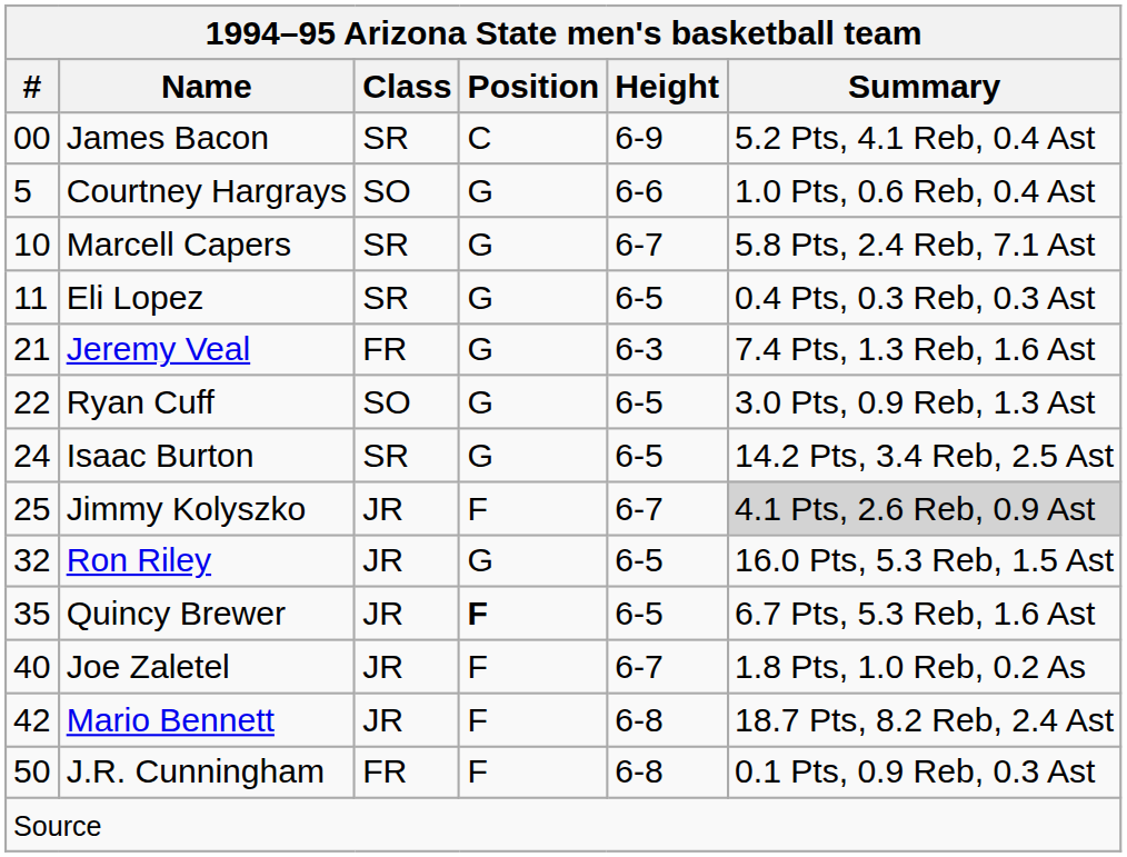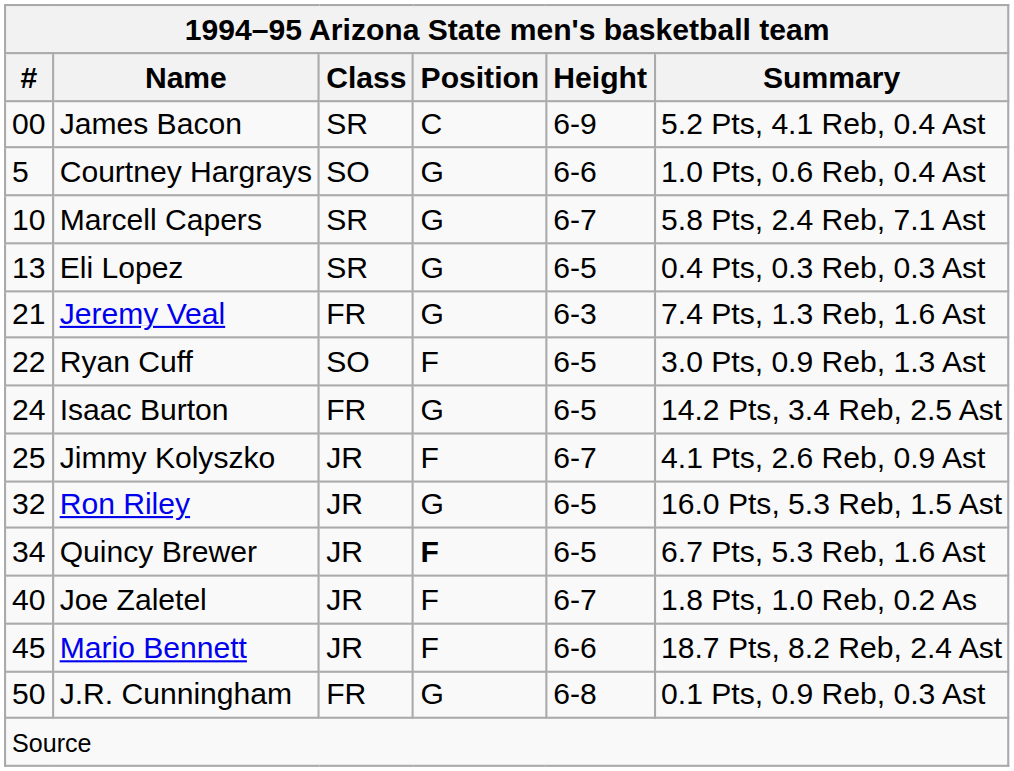 <table class="wikitable" style="font-size: 90%"|->
 <tr>
 <th colspan=9 style="background:#">1994–95 Arizona State men's basketball team</th>
 </tr>
 <tr>
 <th>#</th>
 <th>Name</th>
 <th>Class</th>
 <th>Position</th>
 <th>Height</th>
 <th>Summary</th>
 </tr>
 <tr>
 <td>00</td>
 <td>James Bacon</td>
 <td>SR</td>
 <td>C</td>
 <td>6-9</td>
 <td>5.2 Pts, 4.1 Reb, 0.4 Ast</td>
 </tr>
 <tr>
 <td>5</td>
 <td>Courtney Hargrays</td>
 <td>SO</td>
 <td>G</td>
 <td>6-6</td>
 <td>1.0 Pts, 0.6 Reb, 0.4 Ast</td>
 </tr>
 <tr>
 <td>10</td>
 <td>Marcell Capers</td>
 <td>SR</td>
 <td>G</td>
 <td>6-7</td>
 <td>5.8 Pts, 2.4 Reb, 7.1 Ast</td>
 </tr>
 <tr>
-<td>11</td>
+<td>13</td>
 <td>Eli Lopez</td>
 <td>SR</td>
 <td>G</td>
 <td>6-5</td>
 <td>0.4 Pts, 0.3 Reb, 0.3 Ast</td>
 </tr>
 <tr>
 <td>21</td>
 <td><a href='#'>Jeremy Veal</a></td>
 <td>FR</td>
 <td>G</td>
 <td>6-3</td>
 <td>7.4 Pts, 1.3 Reb, 1.6 Ast</td>
 </tr>
 <tr>
 <td>22</td>
 <td>Ryan Cuff</td>
 <td>SO</td>
-<td>G</td>
+<td>F</td>
 <td>6-5</td>
 <td>3.0 Pts, 0.9 Reb, 1.3 Ast</td>
 </tr>
 <tr>
 <td>24</td>
 <td>Isaac Burton</td>
-<td>SR</td>
+<td>FR</td>
 <td>G</td>
 <td>6-5</td>
 <td>14.2 Pts, 3.4 Reb, 2.5 Ast</td>
 </tr>
 <tr>
 <td>25</td>
 <td>Jimmy Kolyszko</td>
 <td>JR</td>
 <td>F</td>
 <td>6-7</td>
-<td style="background: lightgrey;">4.1 Pts, 2.6 Reb, 0.9 Ast</td>
+<td>4.1 Pts, 2.6 Reb, 0.9 Ast</td>
 </tr>
 <tr>
 <td>32</td>
 <td><a href='#'>Ron Riley</a></td>
 <td>JR</td>
 <td>G</td>
 <td>6-5</td>
 <td>16.0 Pts, 5.3 Reb, 1.5 Ast</td>
 </tr>
 <tr>
-<td>35</td>
+<td>34</td>
 <td>Quincy Brewer</td>
 <td>JR</td>
 <td><strong>F</strong></td>
 <td>6-5</td>
 <td>6.7 Pts, 5.3 Reb, 1.6 Ast</td>
 </tr>
 <tr>
 <td>40</td>
 <td>Joe Zaletel</td>
 <td>JR</td>
 <td>F</td>
 <td>6-7</td>
 <td>1.8 Pts, 1.0 Reb, 0.2 As</td>
 </tr>
 <tr>
-<td>42</td>
+<td>45</td>
 <td><a href='#'>Mario Bennett</a></td>
 <td>JR</td>
 <td>F</td>
-<td>6-8</td>
+<td>6-6</td>
 <td>18.7 Pts, 8.2 Reb, 2.4 Ast</td>
 </tr>
 <tr>
 <td>50</td>
 <td>J.R. Cunningham</td>
 <td>FR</td>
-<td>F</td>
+<td>G</td>
 <td>6-8</td>
 <td>0.1 Pts, 0.9 Reb, 0.3 Ast</td>
 </tr>
 <tr>
 <td colspan=9><small>Source</small></td>
 </tr>
 </table>
